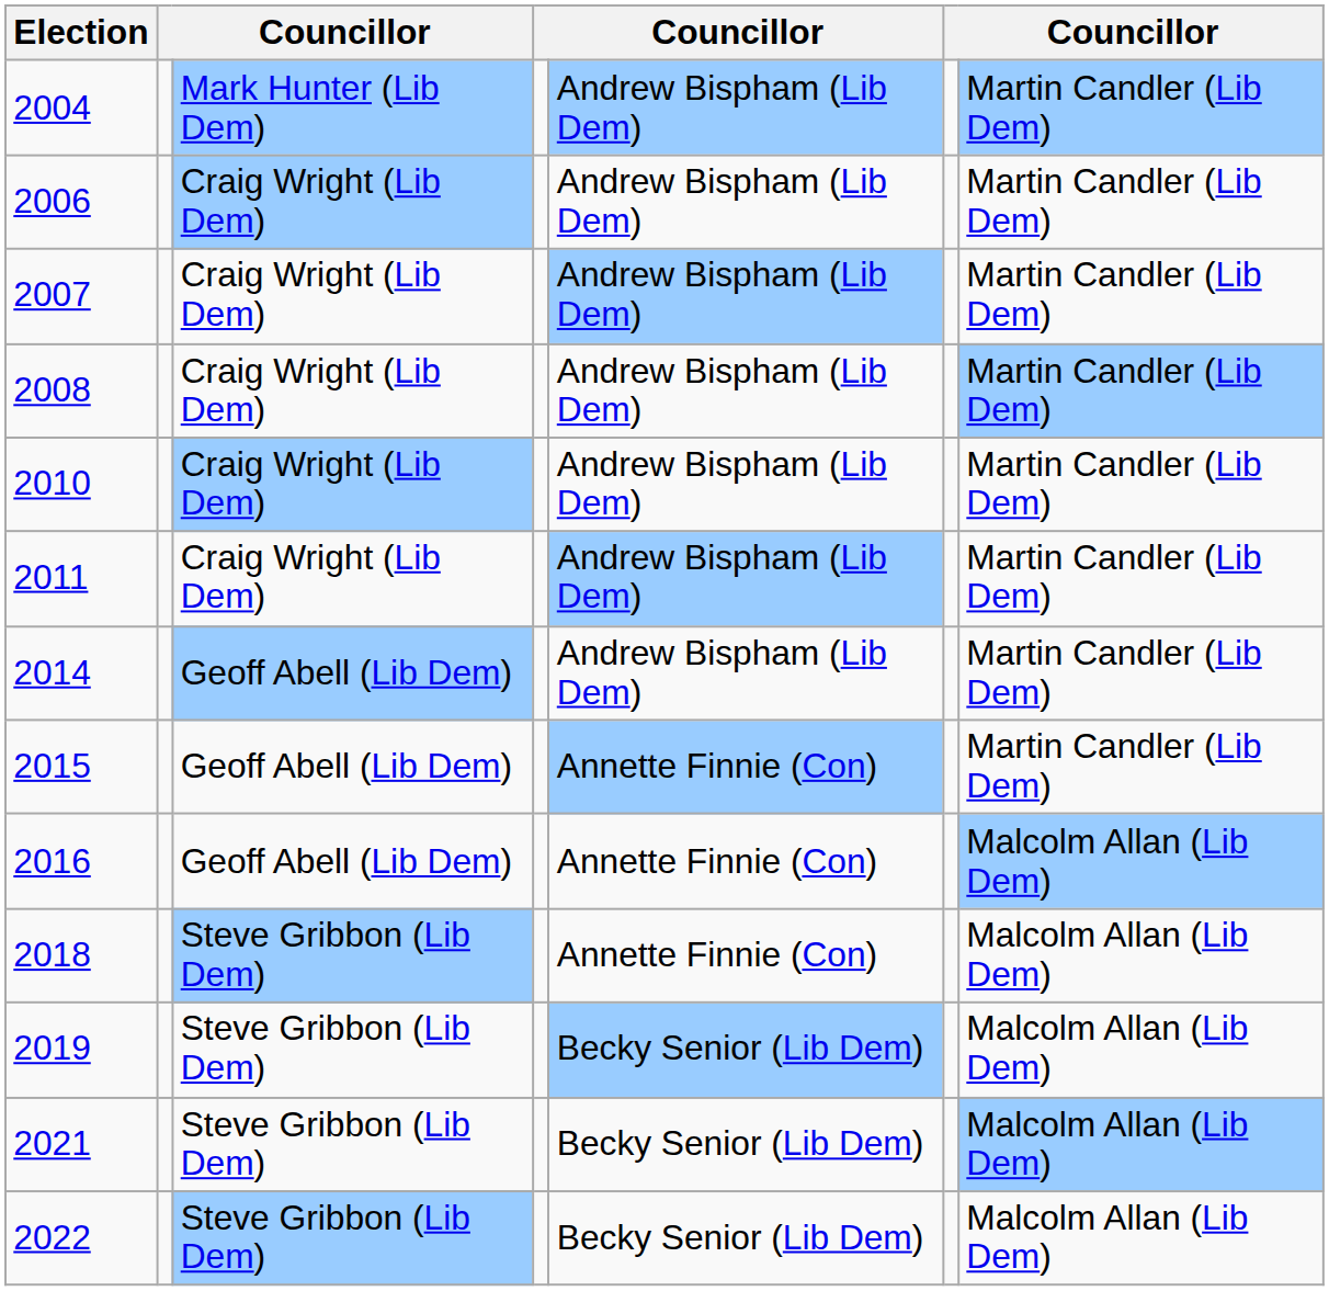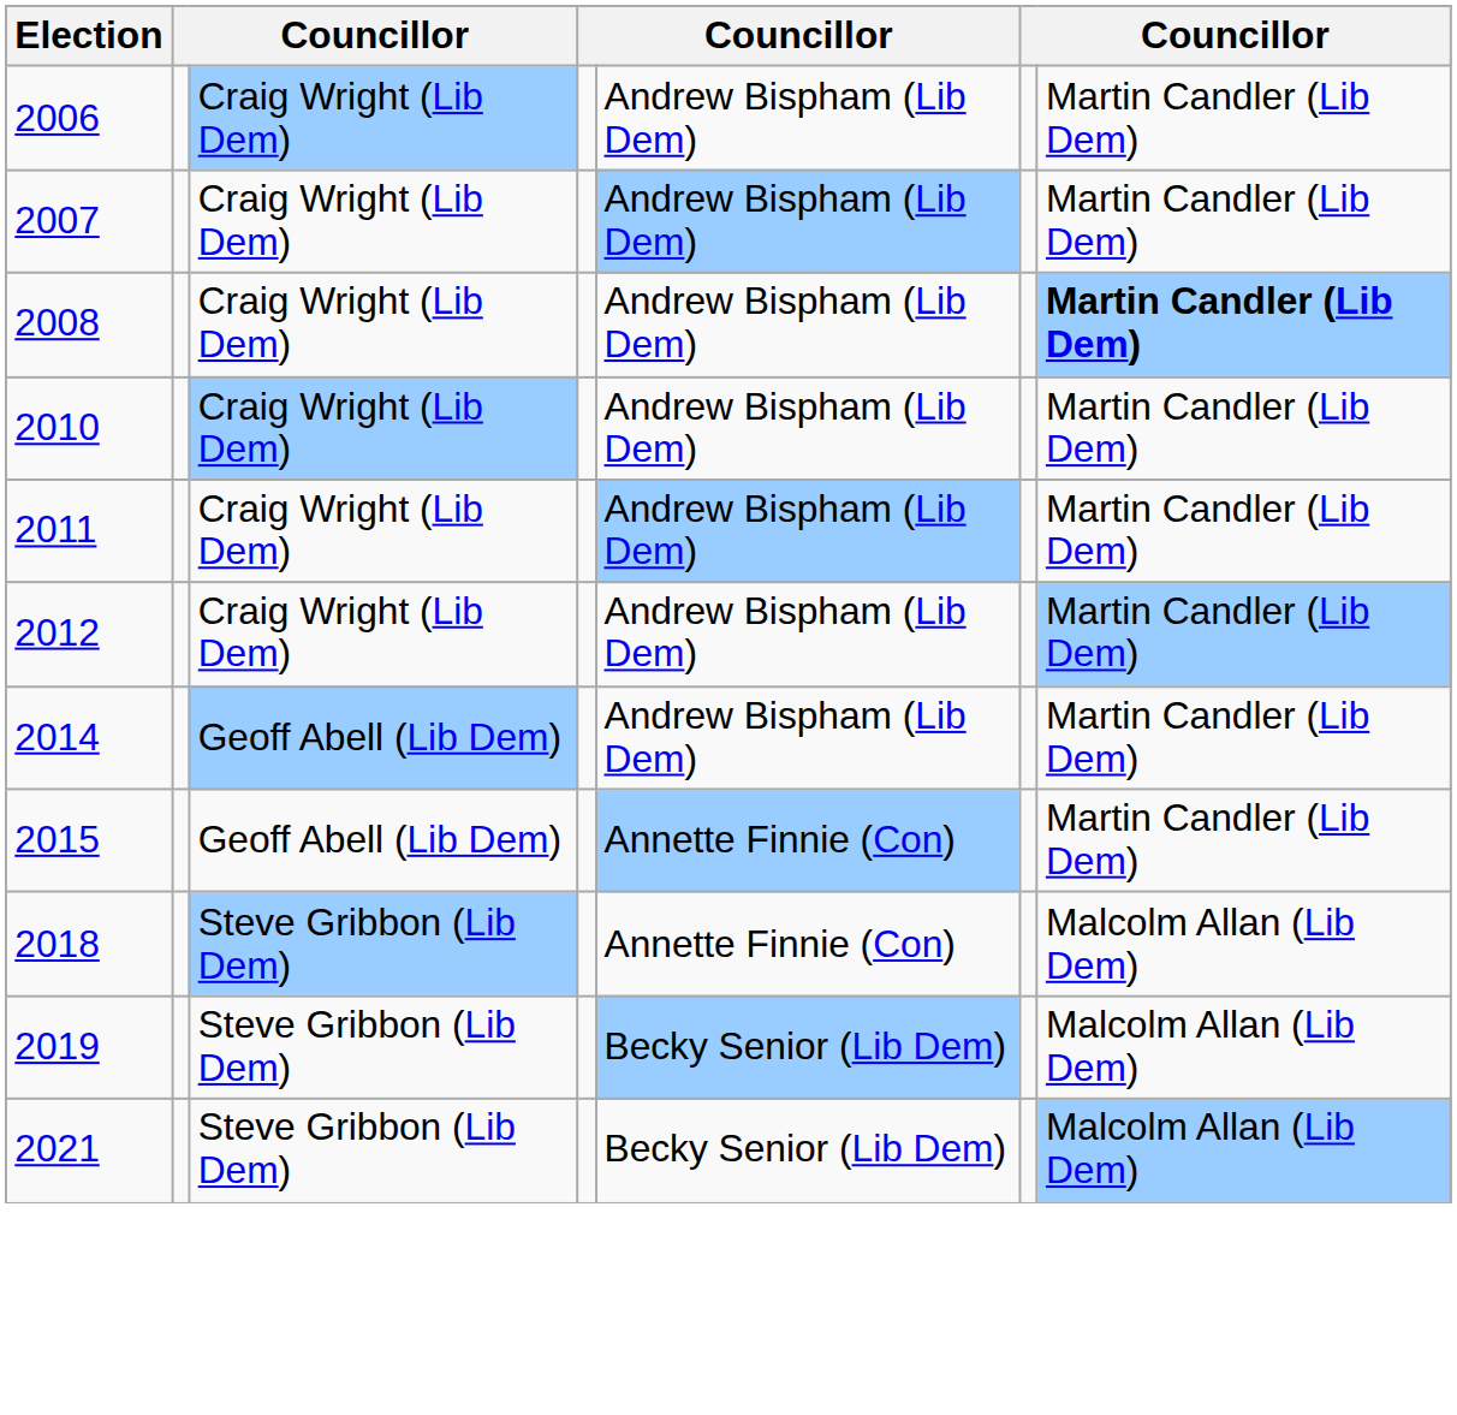 <table class="wikitable">
 <tr>
 <th>Election</th>
 <th colspan="2">Councillor</th>
 <th colspan="2">Councillor</th>
 <th colspan="2">Councillor</th>
-</tr>
-<tr>
-<td><a href='#'>2004</a></td>
-<td style="background-color: "></td>
-<td bgcolor="#99CCFF"><a href='#'>Mark Hunter</a> (<a href='#'>Lib Dem</a>)</td>
-<td style="background-color: "></td>
-<td bgcolor="#99CCFF">Andrew Bispham (<a href='#'>Lib Dem</a>)</td>
-<td style="background-color: "></td>
-<td bgcolor="#99CCFF">Martin Candler (<a href='#'>Lib Dem</a>)</td>
 </tr>
 <tr>
 <td><a href='#'>2006</a></td>
 <td style="background-color: "></td>
 <td bgcolor="#99CCFF">Craig Wright (<a href='#'>Lib Dem</a>)</td>
 <td style="background-color: "></td>
 <td>Andrew Bispham (<a href='#'>Lib Dem</a>)</td>
 <td style="background-color: "></td>
 <td>Martin Candler (<a href='#'>Lib Dem</a>)</td>
 </tr>
 <tr>
 <td><a href='#'>2007</a></td>
 <td style="background-color: "></td>
 <td>Craig Wright (<a href='#'>Lib Dem</a>)</td>
 <td style="background-color: "></td>
 <td bgcolor="#99CCFF">Andrew Bispham (<a href='#'>Lib Dem</a>)</td>
 <td style="background-color: "></td>
 <td>Martin Candler (<a href='#'>Lib Dem</a>)</td>
 </tr>
 <tr>
 <td><a href='#'>2008</a></td>
 <td style="background-color: "></td>
 <td>Craig Wright (<a href='#'>Lib Dem</a>)</td>
 <td style="background-color: "></td>
 <td>Andrew Bispham (<a href='#'>Lib Dem</a>)</td>
 <td style="background-color: "></td>
-<td bgcolor="#99CCFF">Martin Candler (<a href='#'>Lib Dem</a>)</td>
+<td bgcolor="#99CCFF"><strong>Martin Candler (<a href='#'>Lib Dem</a>)</strong></td>
 </tr>
 <tr>
 <td><a href='#'>2010</a></td>
 <td style="background-color: "></td>
 <td bgcolor="#99CCFF">Craig Wright (<a href='#'>Lib Dem</a>)</td>
 <td style="background-color: "></td>
 <td>Andrew Bispham (<a href='#'>Lib Dem</a>)</td>
 <td style="background-color: "></td>
 <td>Martin Candler (<a href='#'>Lib Dem</a>)</td>
 </tr>
 <tr>
 <td><a href='#'>2011</a></td>
 <td style="background-color: "></td>
 <td>Craig Wright (<a href='#'>Lib Dem</a>)</td>
 <td style="background-color: "></td>
 <td bgcolor="#99CCFF">Andrew Bispham (<a href='#'>Lib Dem</a>)</td>
 <td style="background-color: "></td>
 <td>Martin Candler (<a href='#'>Lib Dem</a>)</td>
 </tr>
 <tr>
+<td><a href='#'>2012</a></td>
+<td style="background-color: "></td>
+<td>Craig Wright (<a href='#'>Lib Dem</a>)</td>
+<td style="background-color: "></td>
+<td>Andrew Bispham (<a href='#'>Lib Dem</a>)</td>
+<td style="background-color: "></td>
+<td bgcolor="#99CCFF">Martin Candler (<a href='#'>Lib Dem</a>)</td>
+</tr>
+<tr>
 <td><a href='#'>2014</a></td>
 <td style="background-color: "></td>
 <td bgcolor="#99CCFF">Geoff Abell (<a href='#'>Lib Dem</a>)</td>
 <td style="background-color: "></td>
 <td>Andrew Bispham (<a href='#'>Lib Dem</a>)</td>
 <td style="background-color: "></td>
 <td>Martin Candler (<a href='#'>Lib Dem</a>)</td>
 </tr>
 <tr>
 <td><a href='#'>2015</a></td>
 <td style="background-color: "></td>
 <td>Geoff Abell (<a href='#'>Lib Dem</a>)</td>
 <td style="background-color: "></td>
 <td bgcolor="#99CCFF">Annette Finnie (<a href='#'>Con</a>)</td>
 <td style="background-color: "></td>
 <td>Martin Candler (<a href='#'>Lib Dem</a>)</td>
-</tr>
-<tr>
-<td><a href='#'>2016</a></td>
-<td style="background-color: "></td>
-<td>Geoff Abell (<a href='#'>Lib Dem</a>)</td>
-<td style="background-color: "></td>
-<td>Annette Finnie (<a href='#'>Con</a>)</td>
-<td style="background-color: "></td>
-<td bgcolor="#99CCFF">Malcolm Allan (<a href='#'>Lib Dem</a>)</td>
 </tr>
 <tr>
 <td><a href='#'>2018</a></td>
 <td style="background-color: "></td>
 <td bgcolor="#99CCFF">Steve Gribbon (<a href='#'>Lib Dem</a>)</td>
 <td style="background-color: "></td>
 <td>Annette Finnie (<a href='#'>Con</a>)</td>
 <td style="background-color: "></td>
 <td>Malcolm Allan (<a href='#'>Lib Dem</a>)</td>
 </tr>
 <tr>
 <td><a href='#'>2019</a></td>
 <td style="background-color: "></td>
 <td>Steve Gribbon (<a href='#'>Lib Dem</a>)</td>
 <td style="background-color: "></td>
 <td bgcolor="#99CCFF">Becky Senior (<a href='#'>Lib Dem</a>)</td>
 <td style="background-color: "></td>
 <td>Malcolm Allan (<a href='#'>Lib Dem</a>)</td>
 </tr>
 <tr>
 <td><a href='#'>2021</a></td>
 <td style="background-color: "></td>
 <td>Steve Gribbon (<a href='#'>Lib Dem</a>)</td>
 <td style="background-color: "></td>
 <td>Becky Senior (<a href='#'>Lib Dem</a>)</td>
 <td style="background-color: "></td>
 <td bgcolor="#99CCFF">Malcolm Allan (<a href='#'>Lib Dem</a>)</td>
 </tr>
-<tr>
-<td><a href='#'>2022</a></td>
-<td style="background-color: "></td>
-<td bgcolor="#99CCFF">Steve Gribbon (<a href='#'>Lib Dem</a>)</td>
-<td style="background-color: "></td>
-<td>Becky Senior (<a href='#'>Lib Dem</a>)</td>
-<td style="background-color: "></td>
-<td>Malcolm Allan (<a href='#'>Lib Dem</a>)</td>
-</tr>
 </table>
